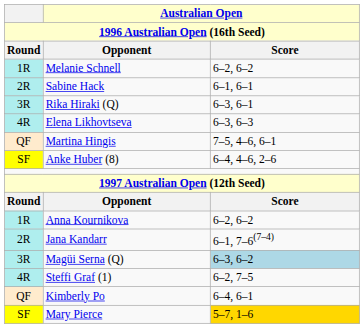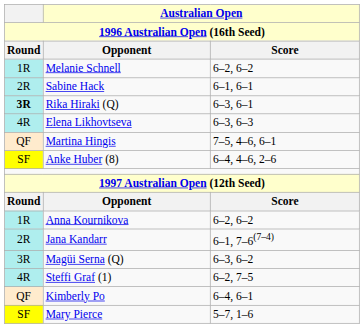 <table class="wikitable collapsible collapsed">
 <tr>
 <th></th>
 <th colspan=2 style="background:#ffc;"><a href='#'>Australian Open</a></th>
 </tr>
 <tr>
 <th colspan=3 style="background:#ffc;"><a href='#'>1996 Australian Open</a> (16th Seed)</th>
 </tr>
 <tr>
 <th>Round</th>
 <th width=225>Opponent</th>
 <th width=200>Score</th>
 </tr>
 <tr>
 <td style="text-align:center; background:#afeeee;">1R</td>
 <td> <a href='#'>Melanie Schnell</a></td>
 <td>6–2, 6–2</td>
 </tr>
 <tr>
 <td style="text-align:center; background:#afeeee;">2R</td>
 <td> <a href='#'>Sabine Hack</a></td>
 <td>6–1, 6–1</td>
 </tr>
 <tr>
-<td style="text-align:center; background:#afeeee;">3R</td>
+<td style="text-align:center; background:#afeeee;"><strong>3R</strong></td>
 <td> <a href='#'>Rika Hiraki</a> (Q)</td>
 <td>6–3, 6–1</td>
 </tr>
 <tr>
 <td style="text-align:center; background:#afeeee;">4R</td>
 <td> <a href='#'>Elena Likhovtseva</a></td>
 <td>6–3, 6–3</td>
 </tr>
 <tr>
 <td style="text-align:center; background:#ffebcd;">QF</td>
 <td> <a href='#'>Martina Hingis</a></td>
 <td>7–5, 4–6, 6–1</td>
 </tr>
 <tr>
 <td style="text-align:center; background:yellow;">SF</td>
 <td> <a href='#'>Anke Huber</a> (8)</td>
 <td>6–4, 4–6, 2–6</td>
 </tr>
 <tr>
 <td colspan=3></td>
 </tr>
 <tr>
 <th colspan=3 style="background:#ffc;"><a href='#'>1997 Australian Open</a> (12th Seed)</th>
 </tr>
 <tr>
 <th>Round</th>
 <th width=225>Opponent</th>
 <th width=200>Score</th>
 </tr>
 <tr>
 <td style="text-align:center; background:#afeeee;">1R</td>
 <td> <a href='#'>Anna Kournikova</a></td>
 <td>6–2, 6–2</td>
 </tr>
 <tr>
 <td style="text-align:center; background:#afeeee;">2R</td>
 <td> <a href='#'>Jana Kandarr</a></td>
 <td>6–1, 7–6<sup>(7–4)</sup></td>
 </tr>
 <tr>
 <td style="text-align:center; background:#afeeee;">3R</td>
 <td> <a href='#'>Magüi Serna</a> (Q)</td>
-<td style="background: lightblue;">6–3, 6–2</td>
+<td>6–3, 6–2</td>
 </tr>
 <tr>
 <td style="text-align:center; background:#afeeee;">4R</td>
 <td> <a href='#'>Steffi Graf</a> (1)</td>
 <td>6–2, 7–5</td>
 </tr>
 <tr>
 <td style="text-align:center; background:#ffebcd;">QF</td>
 <td> <a href='#'>Kimberly Po</a></td>
 <td>6–4, 6–1</td>
 </tr>
 <tr>
 <td style="text-align:center; background:yellow;">SF</td>
 <td> <a href='#'>Mary Pierce</a></td>
-<td style="background: gold;">5–7, 1–6</td>
+<td>5–7, 1–6</td>
 </tr>
 </table>
